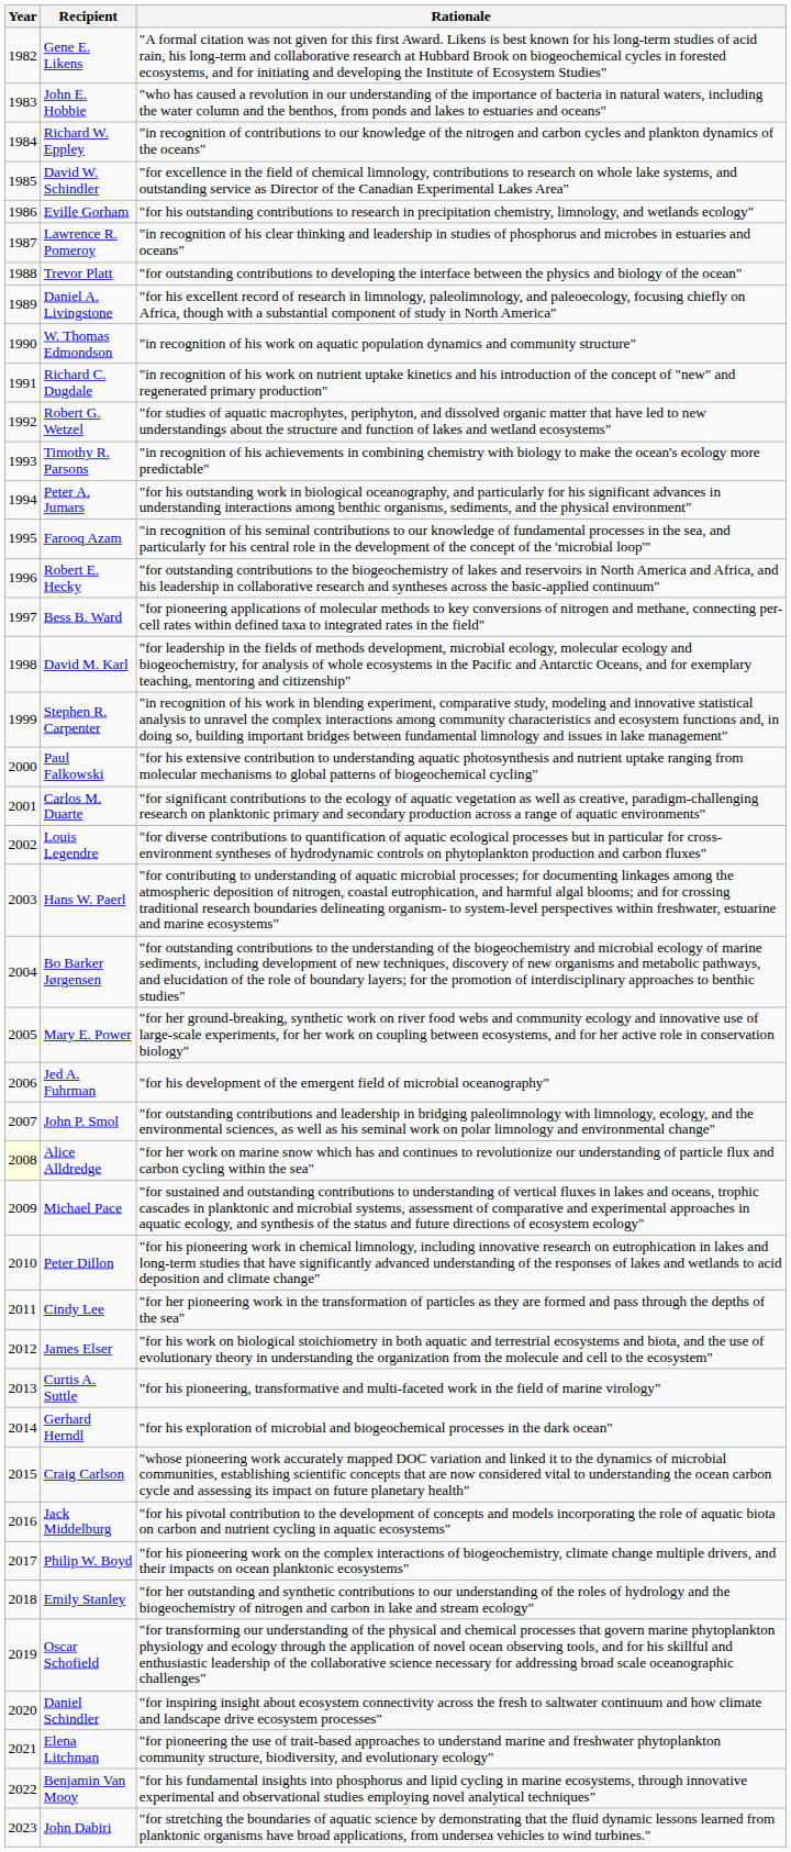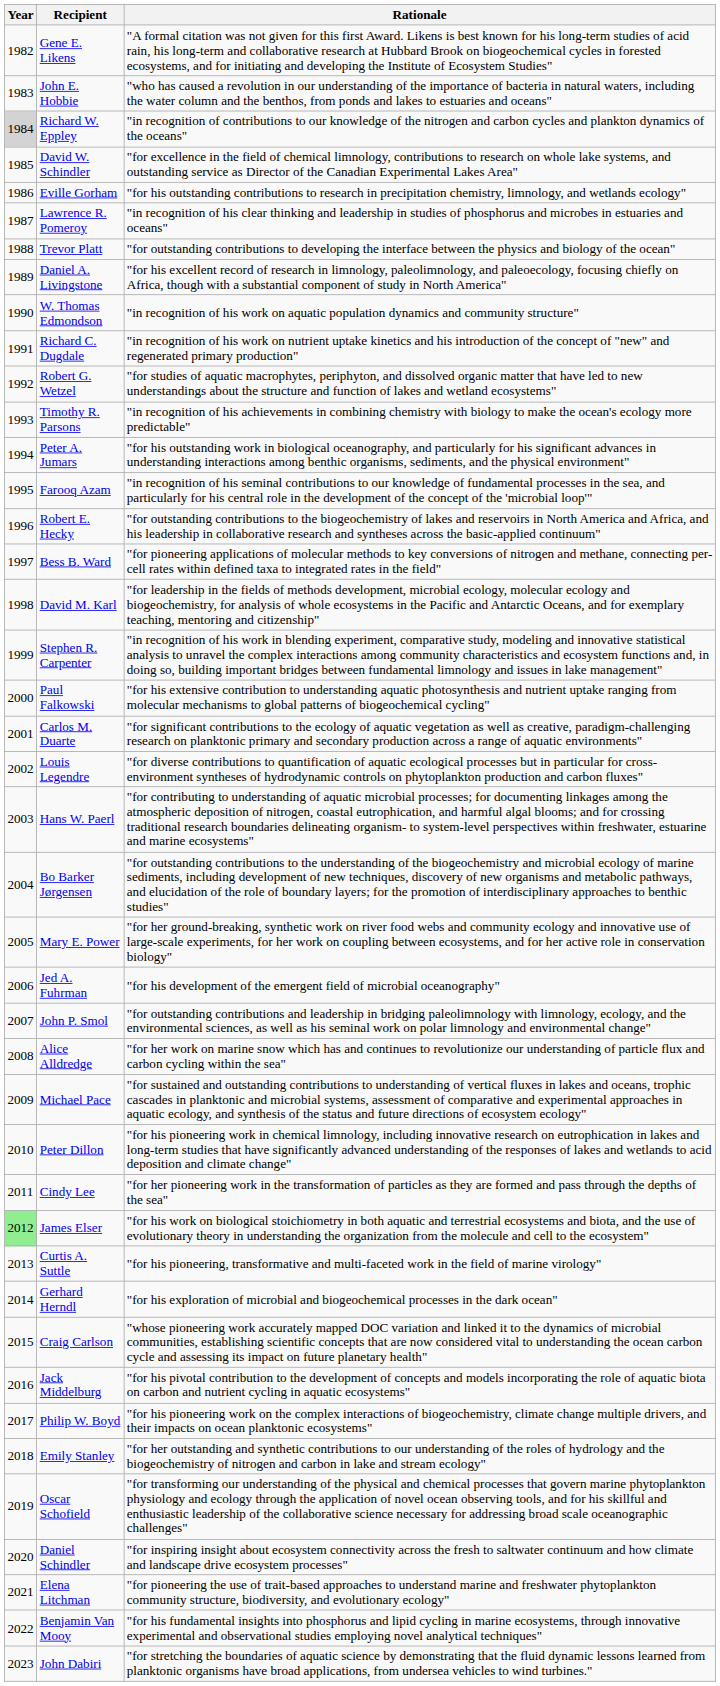 <table class="wikitable">
 <tr>
 <th>Year</th>
 <th>Recipient</th>
 <th>Rationale</th>
 </tr>
 <tr>
 <td>1982</td>
 <td><a href='#'>Gene E. Likens</a></td>
 <td>"A formal citation was not given for this first Award. Likens is best known for his long-term studies of acid rain, his long-term and collaborative research at Hubbard Brook on biogeochemical cycles in forested ecosystems, and for initiating and developing the Institute of Ecosystem Studies"</td>
 </tr>
 <tr>
 <td>1983</td>
 <td><a href='#'>John E. Hobbie</a></td>
 <td>"who has caused a revolution in our understanding of the importance of bacteria in natural waters, including the water column and the benthos, from ponds and lakes to estuaries and oceans"</td>
 </tr>
 <tr>
-<td>1984</td>
+<td style="background: lightgrey;">1984</td>
 <td><a href='#'>Richard W. Eppley</a></td>
 <td>"in recognition of contributions to our knowledge of the nitrogen and carbon cycles and plankton dynamics of the oceans"</td>
 </tr>
 <tr>
 <td>1985</td>
 <td><a href='#'>David W. Schindler</a></td>
 <td>"for excellence in the field of chemical limnology, contributions to research on whole lake systems, and outstanding service as Director of the Canadian Experimental Lakes Area"</td>
 </tr>
 <tr>
 <td>1986</td>
 <td><a href='#'>Eville Gorham</a></td>
 <td>"for his outstanding contributions to research in precipitation chemistry, limnology, and wetlands ecology"</td>
 </tr>
 <tr>
 <td>1987</td>
 <td><a href='#'>Lawrence R. Pomeroy</a></td>
 <td>"in recognition of his clear thinking and leadership in studies of phosphorus and microbes in estuaries and oceans"</td>
 </tr>
 <tr>
 <td>1988</td>
 <td><a href='#'>Trevor Platt</a></td>
 <td>"for outstanding contributions to developing the interface between the physics and biology of the ocean"</td>
 </tr>
 <tr>
 <td>1989</td>
 <td><a href='#'>Daniel A. Livingstone</a></td>
 <td>"for his excellent record of research in limnology, paleolimnology, and paleoecology, focusing chiefly on Africa, though with a substantial component of study in North America"</td>
 </tr>
 <tr>
 <td>1990</td>
 <td><a href='#'>W. Thomas Edmondson</a></td>
 <td>"in recognition of his work on aquatic population dynamics and community structure"</td>
 </tr>
 <tr>
 <td>1991</td>
 <td><a href='#'>Richard C. Dugdale</a></td>
 <td>"in recognition of his work on nutrient uptake kinetics and his introduction of the concept of "new" and regenerated primary production"</td>
 </tr>
 <tr>
 <td>1992</td>
 <td><a href='#'>Robert G. Wetzel</a></td>
 <td>"for studies of aquatic macrophytes, periphyton, and dissolved organic matter that have led to new understandings about the structure and function of lakes and wetland ecosystems"</td>
 </tr>
 <tr>
 <td>1993</td>
 <td><a href='#'>Timothy R. Parsons</a></td>
 <td>"in recognition of his achievements in combining chemistry with biology to make the ocean's ecology more predictable"</td>
 </tr>
 <tr>
 <td>1994</td>
 <td><a href='#'>Peter A. Jumars</a></td>
 <td>"for his outstanding work in biological oceanography, and particularly for his significant advances in understanding interactions among benthic organisms, sediments, and the physical environment"</td>
 </tr>
 <tr>
 <td>1995</td>
 <td><a href='#'>Farooq Azam</a></td>
 <td>"in recognition of his seminal contributions to our knowledge of fundamental processes in the sea, and particularly for his central role in the development of the concept of the 'microbial loop'"</td>
 </tr>
 <tr>
 <td>1996</td>
 <td><a href='#'>Robert E. Hecky</a></td>
 <td>"for outstanding contributions to the biogeochemistry of lakes and reservoirs in North America and Africa, and his leadership in collaborative research and syntheses across the basic-applied continuum"</td>
 </tr>
 <tr>
 <td>1997</td>
 <td><a href='#'>Bess B. Ward</a></td>
 <td>"for pioneering applications of molecular methods to key conversions of nitrogen and methane, connecting per-cell rates within defined taxa to integrated rates in the field"</td>
 </tr>
 <tr>
 <td>1998</td>
 <td><a href='#'>David M. Karl</a></td>
 <td>"for leadership in the fields of methods development, microbial ecology, molecular ecology and biogeochemistry, for analysis of whole ecosystems in the Pacific and Antarctic Oceans, and for exemplary teaching, mentoring and citizenship"</td>
 </tr>
 <tr>
 <td>1999</td>
 <td><a href='#'>Stephen R. Carpenter</a></td>
 <td>"in recognition of his work in blending experiment, comparative study, modeling and innovative statistical analysis to unravel the complex interactions among community characteristics and ecosystem functions and, in doing so, building important bridges between fundamental limnology and issues in lake management"</td>
 </tr>
 <tr>
 <td>2000</td>
 <td><a href='#'>Paul Falkowski</a></td>
 <td>"for his extensive contribution to understanding aquatic photosynthesis and nutrient uptake ranging from molecular mechanisms to global patterns of biogeochemical cycling"</td>
 </tr>
 <tr>
 <td>2001</td>
 <td><a href='#'>Carlos M. Duarte</a></td>
 <td>"for significant contributions to the ecology of aquatic vegetation as well as creative, paradigm-challenging research on planktonic primary and secondary production across a range of aquatic environments"</td>
 </tr>
 <tr>
 <td>2002</td>
 <td><a href='#'>Louis Legendre</a></td>
 <td>"for diverse contributions to quantification of aquatic ecological processes but in particular for cross-environment syntheses of hydrodynamic controls on phytoplankton production and carbon fluxes"</td>
 </tr>
 <tr>
 <td>2003</td>
 <td><a href='#'>Hans W. Paerl</a></td>
 <td>"for contributing to understanding of aquatic microbial processes; for documenting linkages among the atmospheric deposition of nitrogen, coastal eutrophication, and harmful algal blooms; and for crossing traditional research boundaries delineating organism- to system-level perspectives within freshwater, estuarine and marine ecosystems"</td>
 </tr>
 <tr>
 <td>2004</td>
 <td><a href='#'>Bo Barker Jørgensen</a></td>
 <td>"for outstanding contributions to the understanding of the biogeochemistry and microbial ecology of marine sediments, including development of new techniques, discovery of new organisms and metabolic pathways, and elucidation of the role of boundary layers; for the promotion of interdisciplinary approaches to benthic studies"</td>
 </tr>
 <tr>
 <td>2005</td>
 <td><a href='#'>Mary E. Power</a></td>
 <td>"for her ground-breaking, synthetic work on river food webs and community ecology and innovative use of large-scale experiments, for her work on coupling between ecosystems, and for her active role in conservation biology"</td>
 </tr>
 <tr>
 <td>2006</td>
 <td><a href='#'>Jed A. Fuhrman</a></td>
 <td>"for his development of the emergent field of microbial oceanography"</td>
 </tr>
 <tr>
 <td>2007</td>
 <td><a href='#'>John P. Smol</a></td>
 <td>"for outstanding contributions and leadership in bridging paleolimnology with limnology, ecology, and the environmental sciences, as well as his seminal work on polar limnology and environmental change"</td>
 </tr>
 <tr>
-<td style="background: lightyellow;">2008</td>
+<td>2008</td>
 <td><a href='#'>Alice Alldredge</a></td>
 <td>"for her work on marine snow which has and continues to revolutionize our understanding of particle flux and carbon cycling within the sea"</td>
 </tr>
 <tr>
 <td>2009</td>
 <td><a href='#'>Michael Pace</a></td>
 <td>"for sustained and outstanding contributions to understanding of vertical fluxes in lakes and oceans, trophic cascades in planktonic and microbial systems, assessment of comparative and experimental approaches in aquatic ecology, and synthesis of the status and future directions of ecosystem ecology"</td>
 </tr>
 <tr>
 <td>2010</td>
 <td><a href='#'>Peter Dillon</a></td>
 <td>"for his pioneering work in chemical limnology, including innovative research on eutrophication in lakes and long-term studies that have significantly advanced understanding of the responses of lakes and wetlands to acid deposition and climate change"</td>
 </tr>
 <tr>
 <td>2011</td>
 <td><a href='#'>Cindy Lee</a></td>
 <td>"for her pioneering work in the transformation of particles as they are formed and pass through the depths of the sea"</td>
 </tr>
 <tr>
-<td>2012</td>
+<td style="background: lightgreen;">2012</td>
 <td><a href='#'>James Elser</a></td>
 <td>"for his work on biological stoichiometry in both aquatic and terrestrial ecosystems and biota, and the use of evolutionary theory in understanding the organization from the molecule and cell to the ecosystem"</td>
 </tr>
 <tr>
 <td>2013</td>
 <td><a href='#'>Curtis A. Suttle</a></td>
 <td>"for his pioneering, transformative and multi-faceted work in the field of marine virology"</td>
 </tr>
 <tr>
 <td>2014</td>
 <td><a href='#'>Gerhard Herndl</a></td>
 <td>"for his exploration of microbial and biogeochemical processes in the dark ocean"</td>
 </tr>
 <tr>
 <td>2015</td>
 <td><a href='#'>Craig Carlson</a></td>
 <td>"whose pioneering work accurately mapped DOC variation and linked it to the dynamics of microbial communities, establishing scientific concepts that are now considered vital to understanding the ocean carbon cycle and assessing its impact on future planetary health"</td>
 </tr>
 <tr>
 <td>2016</td>
 <td><a href='#'>Jack Middelburg</a></td>
 <td>"for his pivotal contribution to the development of concepts and models incorporating the role of aquatic biota on carbon and nutrient cycling in aquatic ecosystems"</td>
 </tr>
 <tr>
 <td>2017</td>
 <td><a href='#'>Philip W. Boyd</a></td>
 <td>"for his pioneering work on the complex interactions of biogeochemistry, climate change multiple drivers, and their impacts on ocean planktonic ecosystems"</td>
 </tr>
 <tr>
 <td>2018</td>
 <td><a href='#'>Emily Stanley</a></td>
 <td>"for her outstanding and synthetic contributions to our understanding of the roles of hydrology and the biogeochemistry of nitrogen and carbon in lake and stream ecology"</td>
 </tr>
 <tr>
 <td>2019</td>
 <td><a href='#'>Oscar Schofield</a></td>
 <td>"for transforming our understanding of the physical and chemical processes that govern marine phytoplankton physiology and ecology through the application of novel ocean observing tools, and for his skillful and enthusiastic leadership of the collaborative science necessary for addressing broad scale oceanographic challenges"</td>
 </tr>
 <tr>
 <td>2020</td>
 <td><a href='#'>Daniel Schindler</a></td>
 <td>"for inspiring insight about ecosystem connectivity across the fresh to saltwater continuum and how climate and landscape drive ecosystem processes"</td>
 </tr>
 <tr>
 <td>2021</td>
 <td><a href='#'>Elena Litchman</a></td>
 <td>"for pioneering the use of trait-based approaches to understand marine and freshwater phytoplankton community structure, biodiversity, and evolutionary ecology"</td>
 </tr>
 <tr>
 <td>2022</td>
 <td><a href='#'>Benjamin Van Mooy</a></td>
 <td>"for his fundamental insights into phosphorus and lipid cycling in marine ecosystems, through innovative experimental and observational studies employing novel analytical techniques"</td>
 </tr>
 <tr>
 <td>2023</td>
 <td><a href='#'>John Dabiri</a></td>
 <td>"for stretching the boundaries of aquatic science by demonstrating that the fluid dynamic lessons learned from planktonic organisms have broad applications, from undersea vehicles to wind turbines."</td>
 </tr>
 </table>
